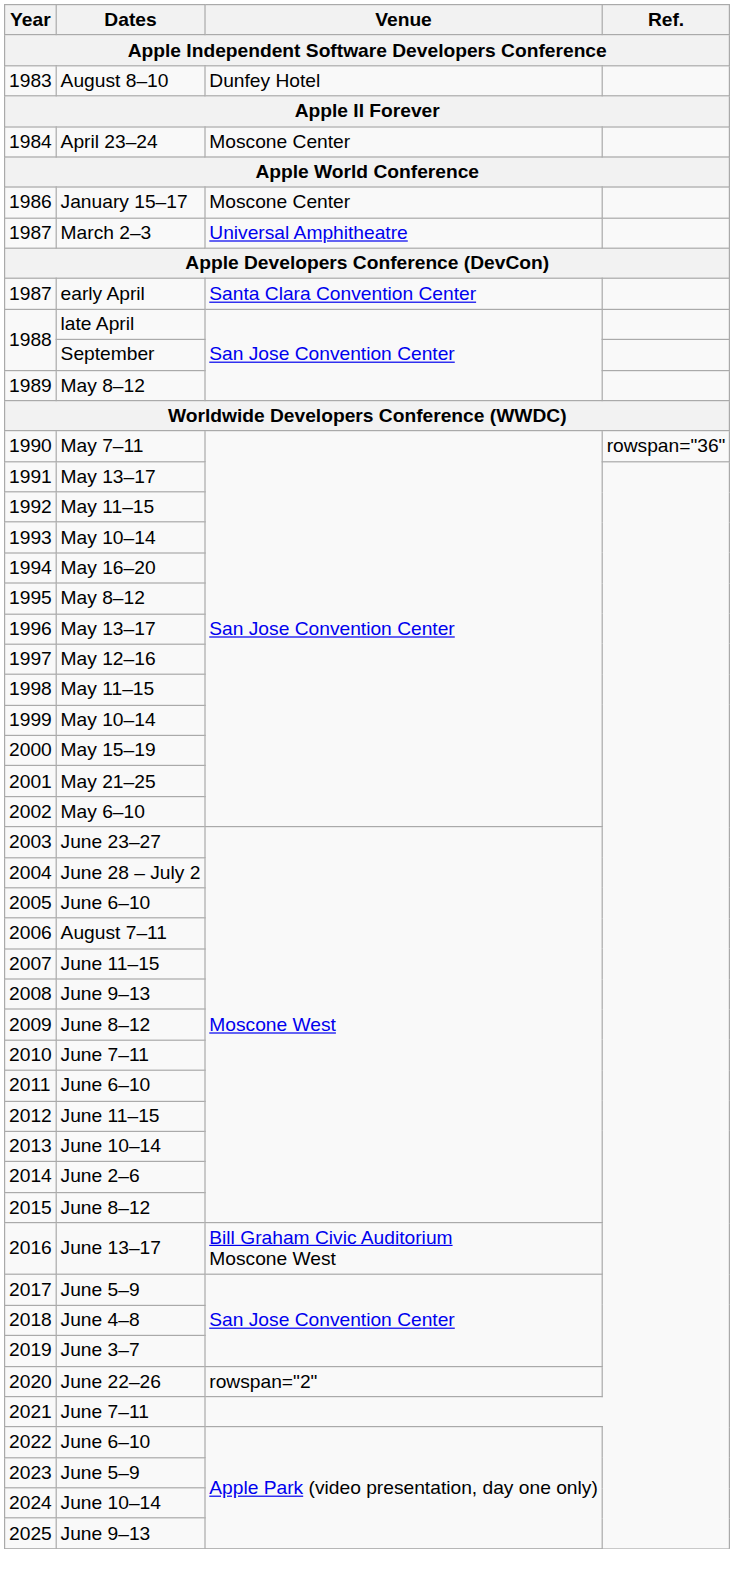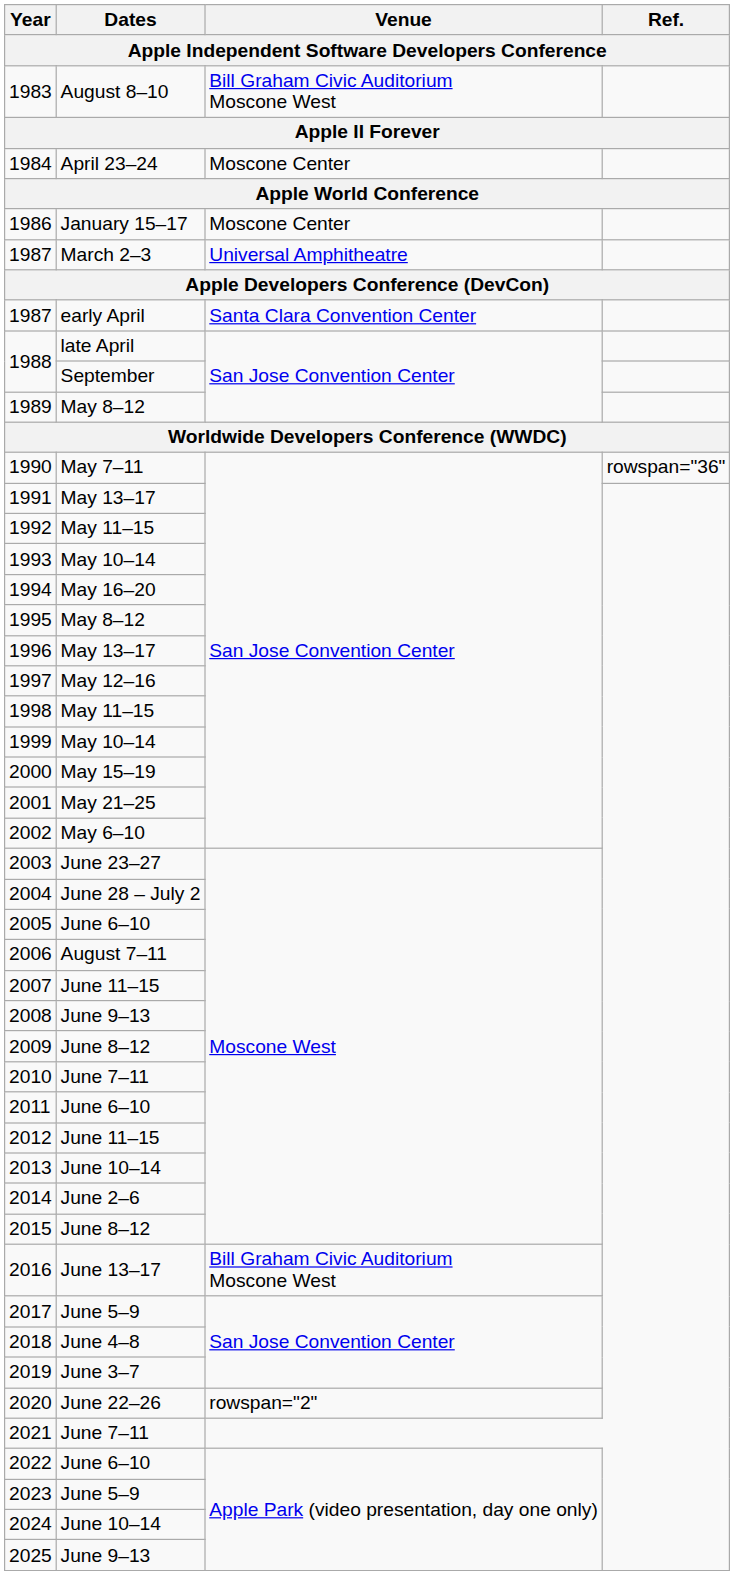 <table class="wikitable floatright">
 <tr>
 <th>Year</th>
 <th>Dates</th>
 <th>Venue</th>
 <th>Ref.</th>
 </tr>
 <tr>
 <th colspan="4">Apple Independent Software Developers Conference</th>
 </tr>
 <tr>
 <td>1983</td>
 <td>August 8–10</td>
-<td>Dunfey Hotel</td>
+<td><a href='#'>Bill Graham Civic Auditorium</a> <br>Moscone West</td>
 <td></td>
 </tr>
 <tr>
 <th colspan="4">Apple II Forever</th>
 </tr>
 <tr>
 <td>1984</td>
 <td>April 23–24</td>
 <td>Moscone Center</td>
 <td></td>
 </tr>
 <tr>
 <th colspan="4">Apple World Conference</th>
 </tr>
 <tr>
 <td>1986</td>
 <td>January 15–17</td>
 <td>Moscone Center</td>
 <td></td>
 </tr>
 <tr>
 <td>1987</td>
 <td>March 2–3</td>
 <td><a href='#'>Universal Amphitheatre</a></td>
 <td></td>
 </tr>
 <tr>
 <th colspan="4"><strong>Apple Developers Conference (DevCon)</strong></th>
 </tr>
 <tr>
 <td>1987</td>
 <td>early April</td>
 <td><a href='#'>Santa Clara Convention Center</a></td>
 <td></td>
 </tr>
 <tr>
 <td rowspan="2">1988</td>
 <td>late April</td>
 <td rowspan="3"><a href='#'>San Jose Convention Center</a></td>
 <td></td>
 </tr>
 <tr>
 <td>September</td>
 <td></td>
 </tr>
 <tr>
 <td>1989</td>
 <td>May 8–12</td>
 <td></td>
 </tr>
 <tr>
 <th colspan="4"><strong>Worldwide Developers Conference (WWDC)</strong></th>
 </tr>
 <tr>
 <td>1990</td>
 <td>May 7–11</td>
 <td rowspan="13"><a href='#'>San Jose Convention Center</a></td>
 <td>rowspan="36" </td>
 </tr>
 <tr>
 <td>1991</td>
 <td>May 13–17</td>
 </tr>
 <tr>
 <td>1992</td>
 <td>May 11–15</td>
 </tr>
 <tr>
 <td>1993</td>
 <td>May 10–14</td>
 </tr>
 <tr>
 <td>1994</td>
 <td>May 16–20</td>
 </tr>
 <tr>
 <td>1995</td>
 <td>May 8–12</td>
 </tr>
 <tr>
 <td>1996</td>
 <td>May 13–17</td>
 </tr>
 <tr>
 <td>1997</td>
 <td>May 12–16</td>
 </tr>
 <tr>
 <td>1998</td>
 <td>May 11–15</td>
 </tr>
 <tr>
 <td>1999</td>
 <td>May 10–14</td>
 </tr>
 <tr>
 <td>2000</td>
 <td>May 15–19</td>
 </tr>
 <tr>
 <td>2001</td>
 <td>May 21–25</td>
 </tr>
 <tr>
 <td>2002</td>
 <td>May 6–10</td>
 </tr>
 <tr>
 <td>2003</td>
 <td>June 23–27</td>
 <td rowspan="13"><a href='#'>Moscone West</a></td>
 </tr>
 <tr>
 <td>2004</td>
 <td>June 28 – July 2</td>
 </tr>
 <tr>
 <td>2005</td>
 <td>June 6–10</td>
 </tr>
 <tr>
 <td>2006</td>
 <td>August 7–11</td>
 </tr>
 <tr>
 <td>2007</td>
 <td>June 11–15</td>
 </tr>
 <tr>
 <td>2008</td>
 <td>June 9–13</td>
 </tr>
 <tr>
 <td>2009</td>
 <td>June 8–12</td>
 </tr>
 <tr>
 <td>2010</td>
 <td>June 7–11</td>
 </tr>
 <tr>
 <td>2011</td>
 <td>June 6–10</td>
 </tr>
 <tr>
 <td>2012</td>
 <td>June 11–15</td>
 </tr>
 <tr>
 <td>2013</td>
 <td>June 10–14</td>
 </tr>
 <tr>
 <td>2014</td>
 <td>June 2–6</td>
 </tr>
 <tr>
 <td>2015</td>
 <td>June 8–12</td>
 </tr>
 <tr>
 <td>2016</td>
 <td>June 13–17</td>
 <td><a href='#'>Bill Graham Civic Auditorium</a> <br>Moscone West</td>
 </tr>
 <tr>
 <td>2017</td>
 <td>June 5–9</td>
 <td rowspan="3"><a href='#'>San Jose Convention Center</a></td>
 </tr>
 <tr>
 <td>2018</td>
 <td>June 4–8</td>
 </tr>
 <tr>
 <td>2019</td>
 <td>June 3–7</td>
 </tr>
 <tr>
 <td>2020</td>
 <td>June 22–26</td>
 <td>rowspan="2" </td>
 </tr>
 <tr>
 <td>2021</td>
 <td>June 7–11</td>
 </tr>
 <tr>
 <td>2022</td>
 <td>June 6–10</td>
 <td rowspan="4"><a href='#'>Apple Park</a> (video presentation, day one only)</td>
 </tr>
 <tr>
 <td>2023</td>
 <td>June 5–9</td>
 </tr>
 <tr>
 <td>2024</td>
 <td>June 10–14</td>
 </tr>
 <tr>
 <td>2025</td>
 <td>June 9–13</td>
 </tr>
 <tr>
 </tr>
 </table>
